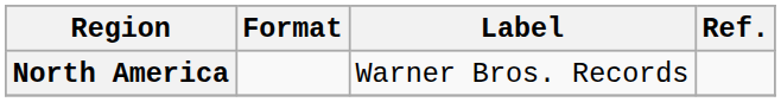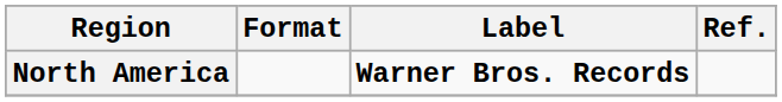 <table class="wikitable plainrowheaders">
 <tr>
 <th scope="col">Region</th>
 <th scope="col">Format</th>
 <th scope="col">Label</th>
 <th scope="col">Ref.</th>
 </tr>
 <tr>
 <th scope="row">North America</th>
 <td></td>
-<td>Warner Bros. Records</td>
+<td><strong>Warner Bros. Records</strong></td>
 <td></td>
 </tr>
 <tr>
 </tr>
 </table>
